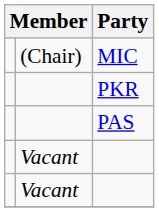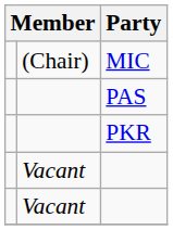 <table class="sortable wikitable">
 <tr>
 <th colspan="2" valign="top">Member</th>
 <th valign="top">Party</th>
 </tr>
 <tr>
 <td></td>
 <td> (Chair)</td>
 <td><a href='#'>MIC</a></td>
 </tr>
 <tr>
 <td></td>
 <td></td>
-<td><a href='#'>PKR</a></td>
+<td><a href='#'>PAS</a></td>
 </tr>
 <tr>
 <td></td>
 <td></td>
-<td><a href='#'>PAS</a></td>
+<td><a href='#'>PKR</a></td>
 </tr>
 <tr>
 <td></td>
 <td><em>Vacant</em></td>
 <td></td>
 </tr>
 <tr>
 <td></td>
 <td><em>Vacant</em></td>
 <td></td>
 </tr>
 <tr>
 </tr>
 </table>
